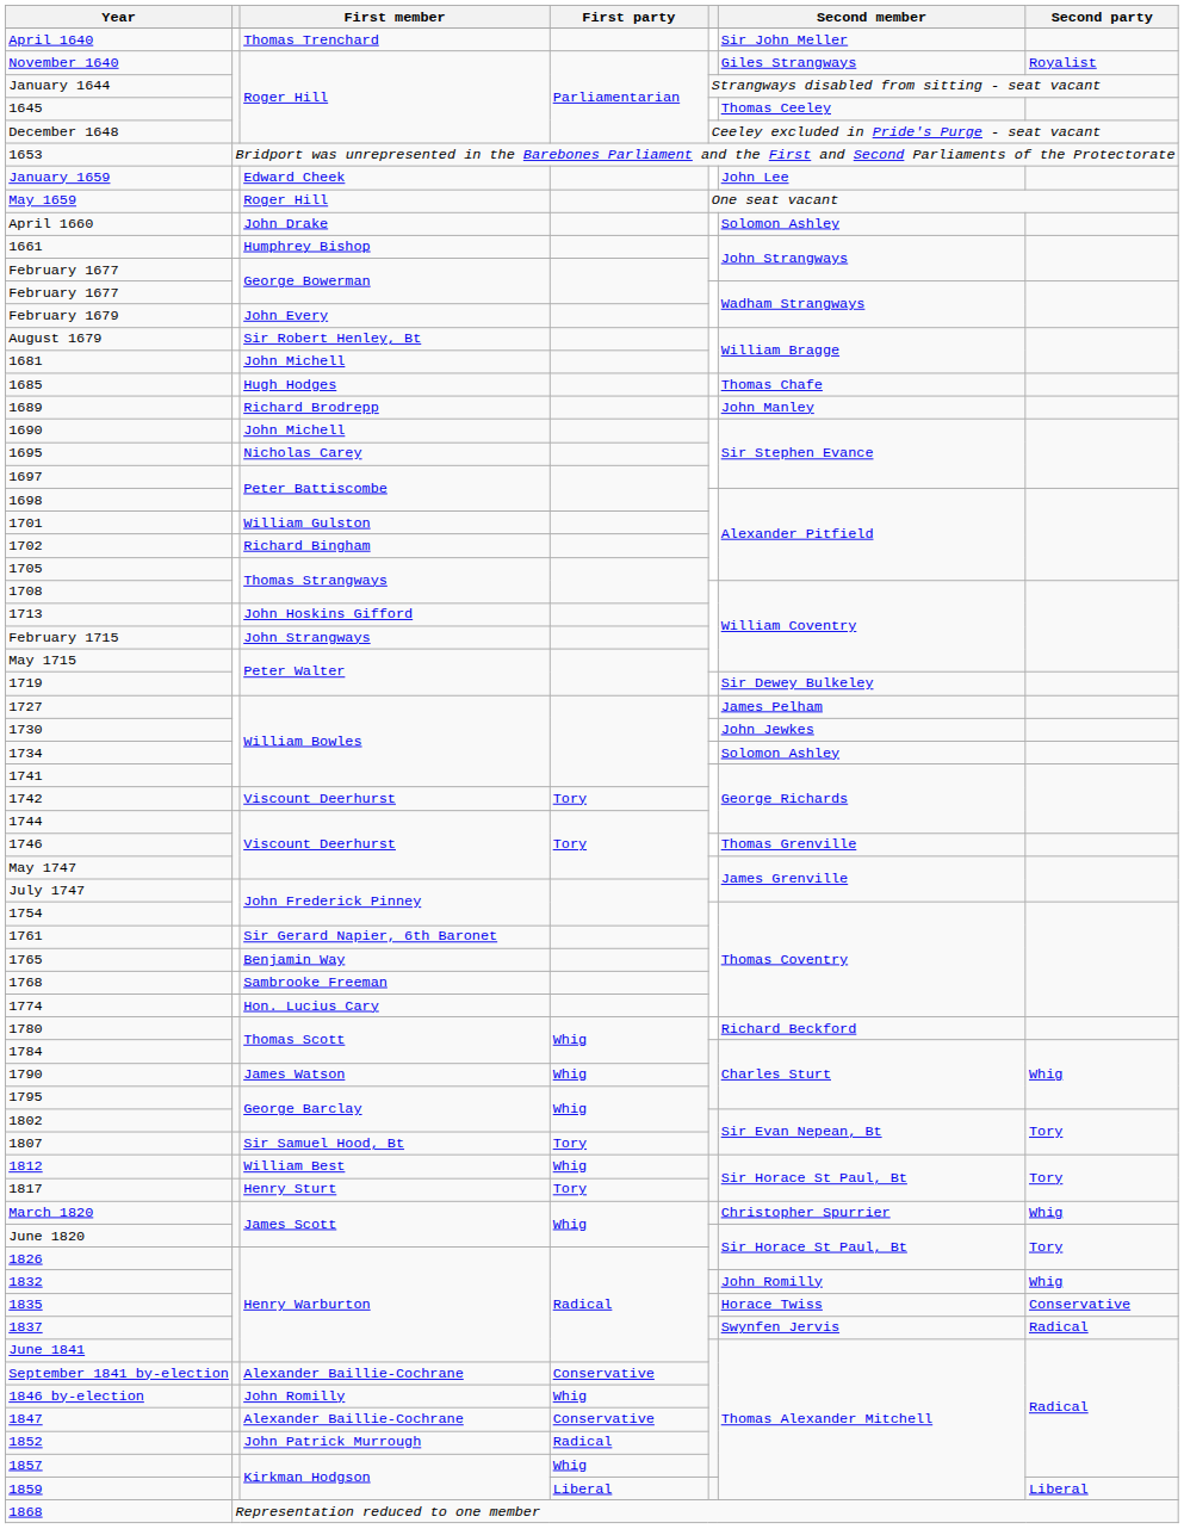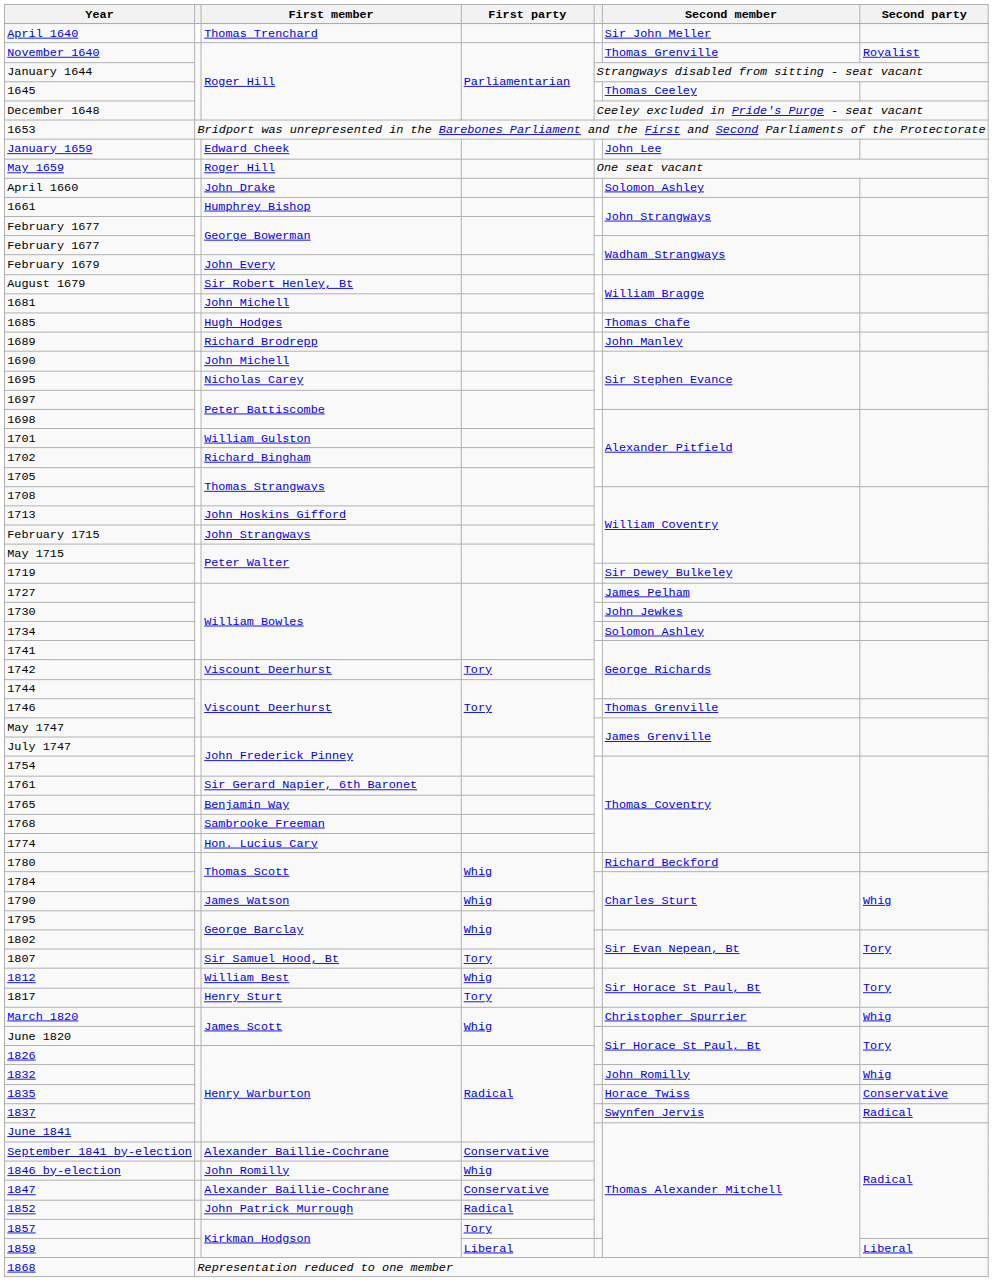 <table class="wikitable">
 <tr>
 <th>Year</th>
 <th></th>
 <th>First member</th>
 <th>First party</th>
 <th></th>
 <th>Second member</th>
 <th>Second party</th>
 </tr>
 <tr>
 </tr>
 <tr>
 <td><a href='#'>April 1640</a></td>
 <td style="color:inherit;background-color: white"></td>
 <td><a href='#'>Thomas Trenchard</a></td>
 <td></td>
 <td style="color:inherit;background-color: white"></td>
 <td><a href='#'>Sir John Meller</a></td>
 <td></td>
 </tr>
 <tr>
 <td><a href='#'>November 1640</a></td>
 <td rowspan="4" style="color:inherit;background-color: "></td>
 <td rowspan="4"><a href='#'>Roger Hill</a></td>
 <td rowspan="4"><a href='#'>Parliamentarian</a></td>
 <td style="color:inherit;background-color: "></td>
-<td><a href='#'>Giles Strangways</a></td>
+<td><a href='#'>Thomas Grenville</a></td>
 <td><a href='#'>Royalist</a></td>
 </tr>
 <tr>
 <td>January 1644</td>
 <td colspan="3"><em>Strangways disabled from sitting - seat vacant</em></td>
 </tr>
 <tr>
 <td>1645</td>
 <td style="color:inherit;background-color: white"></td>
 <td><a href='#'>Thomas Ceeley</a></td>
 <td></td>
 </tr>
 <tr>
 <td>December 1648</td>
 <td colspan="3"><em>Ceeley excluded in <a href='#'>Pride's Purge</a> - seat vacant</em></td>
 </tr>
 <tr>
 <td>1653</td>
 <td colspan="6"><em>Bridport was unrepresented in the <a href='#'>Barebones Parliament</a> and the <a href='#'>First</a> and <a href='#'>Second</a> Parliaments of the Protectorate</em></td>
 </tr>
 <tr>
 <td><a href='#'>January 1659</a></td>
 <td style="color:inherit;background-color: white"></td>
 <td><a href='#'>Edward Cheek</a></td>
 <td></td>
 <td style="color:inherit;background-color: white"></td>
 <td><a href='#'>John Lee</a></td>
 <td></td>
 </tr>
 <tr>
 <td><a href='#'>May 1659</a></td>
 <td style="color:inherit;background-color: white"></td>
 <td><a href='#'>Roger Hill</a></td>
 <td></td>
 <td colspan="3"><em>One seat vacant</em></td>
 </tr>
 <tr>
 <td>April 1660</td>
 <td style="color:inherit;background-color: white"></td>
 <td><a href='#'>John Drake</a></td>
 <td></td>
 <td style="color:inherit;background-color: white"></td>
 <td><a href='#'>Solomon Ashley</a></td>
 <td></td>
 </tr>
 <tr>
 <td>1661</td>
 <td style="color:inherit;background-color: white"></td>
 <td><a href='#'>Humphrey Bishop</a></td>
 <td></td>
 <td rowspan="2" style="color:inherit;background-color: white"></td>
 <td rowspan="2"><a href='#'>John Strangways</a></td>
 <td rowspan="2"></td>
 </tr>
 <tr>
 <td>February 1677</td>
 <td rowspan="2" style="color:inherit;background-color: white"></td>
 <td rowspan="2"><a href='#'>George Bowerman</a></td>
 <td rowspan="2"></td>
 </tr>
 <tr>
 <td>February 1677</td>
 <td rowspan="2" style="color:inherit;background-color: white"></td>
 <td rowspan="2"><a href='#'>Wadham Strangways</a></td>
 <td rowspan="2"></td>
 </tr>
 <tr>
 <td>February 1679</td>
 <td style="color:inherit;background-color: white"></td>
 <td><a href='#'>John Every</a></td>
 <td></td>
 </tr>
 <tr>
 <td>August 1679</td>
 <td style="color:inherit;background-color: white"></td>
 <td><a href='#'>Sir Robert Henley, Bt</a></td>
 <td></td>
 <td rowspan="2" style="color:inherit;background-color: white"></td>
 <td rowspan="2"><a href='#'>William Bragge</a></td>
 <td rowspan="2"></td>
 </tr>
 <tr>
 <td>1681</td>
 <td style="color:inherit;background-color: white"></td>
 <td><a href='#'>John Michell</a></td>
 <td></td>
 </tr>
 <tr>
 <td>1685</td>
 <td style="color:inherit;background-color: white"></td>
 <td><a href='#'>Hugh Hodges</a></td>
 <td></td>
 <td style="color:inherit;background-color: white"></td>
 <td><a href='#'>Thomas Chafe</a></td>
 <td></td>
 </tr>
 <tr>
 <td>1689</td>
 <td style="color:inherit;background-color: white"></td>
 <td><a href='#'>Richard Brodrepp</a></td>
 <td></td>
 <td style="color:inherit;background-color: white"></td>
 <td><a href='#'>John Manley</a></td>
 <td></td>
 </tr>
 <tr>
 <td>1690</td>
 <td style="color:inherit;background-color: white"></td>
 <td><a href='#'>John Michell</a></td>
 <td></td>
 <td rowspan="3" style="color:inherit;background-color: white"></td>
 <td rowspan="3"><a href='#'>Sir Stephen Evance</a></td>
 <td rowspan="3"></td>
 </tr>
 <tr>
 <td>1695</td>
 <td style="color:inherit;background-color: white"></td>
 <td><a href='#'>Nicholas Carey</a></td>
 <td></td>
 </tr>
 <tr>
 <td>1697</td>
 <td rowspan="2" style="color:inherit;background-color: white"></td>
 <td rowspan="2"><a href='#'>Peter Battiscombe</a></td>
 <td rowspan="2"></td>
 </tr>
 <tr>
 <td>1698</td>
 <td rowspan="4" style="color:inherit;background-color: white"></td>
 <td rowspan="4"><a href='#'>Alexander Pitfield</a></td>
 <td rowspan="4"></td>
 </tr>
 <tr>
 <td>1701</td>
 <td style="color:inherit;background-color: white"></td>
 <td><a href='#'>William Gulston</a></td>
 <td></td>
 </tr>
 <tr>
 <td>1702</td>
 <td style="color:inherit;background-color: white"></td>
 <td><a href='#'>Richard Bingham</a></td>
 <td></td>
 </tr>
 <tr>
 <td>1705</td>
 <td rowspan="2" style="color:inherit;background-color: white"></td>
 <td rowspan="2"><a href='#'>Thomas Strangways</a></td>
 <td rowspan="2"></td>
 </tr>
 <tr>
 <td>1708</td>
 <td rowspan="4" style="color:inherit;background-color: white"></td>
 <td rowspan="4"><a href='#'>William Coventry</a></td>
 <td rowspan="4"></td>
 </tr>
 <tr>
 <td>1713</td>
 <td style="color:inherit;background-color: white"></td>
 <td><a href='#'>John Hoskins Gifford</a></td>
 <td></td>
 </tr>
 <tr>
 <td>February 1715</td>
 <td style="color:inherit;background-color: white"></td>
 <td><a href='#'>John Strangways</a></td>
 <td></td>
 </tr>
 <tr>
 <td>May 1715</td>
 <td rowspan="2" style="color:inherit;background-color: white"></td>
 <td rowspan="2"><a href='#'>Peter Walter</a></td>
 <td rowspan="2"></td>
 </tr>
 <tr>
 <td>1719</td>
 <td style="color:inherit;background-color: white"></td>
 <td><a href='#'>Sir Dewey Bulkeley</a></td>
 <td></td>
 </tr>
 <tr>
 <td>1727</td>
 <td rowspan="4" style="color:inherit;background-color: white"></td>
 <td rowspan="4"><a href='#'>William Bowles</a></td>
 <td rowspan="4"></td>
 <td style="color:inherit;background-color: white"></td>
 <td><a href='#'>James Pelham</a></td>
 <td></td>
 </tr>
 <tr>
 <td>1730</td>
 <td style="color:inherit;background-color: white"></td>
 <td><a href='#'>John Jewkes</a></td>
 <td></td>
 </tr>
 <tr>
 <td>1734</td>
 <td style="color:inherit;background-color: white"></td>
 <td><a href='#'>Solomon Ashley</a></td>
 <td></td>
 </tr>
 <tr>
 <td>1741</td>
 <td rowspan="3" style="color:inherit;background-color: white"></td>
 <td rowspan="3"><a href='#'>George Richards</a></td>
 <td rowspan="3"></td>
 </tr>
 <tr>
 <td>1742</td>
 <td style="color:inherit;background-color: "></td>
 <td><a href='#'>Viscount Deerhurst</a></td>
 <td><a href='#'>Tory</a></td>
 </tr>
 <tr>
 <td>1744</td>
 <td rowspan="3" style="color:inherit;background-color: "></td>
 <td rowspan="3"><a href='#'>Viscount Deerhurst</a></td>
 <td rowspan="3"><a href='#'>Tory</a></td>
 </tr>
 <tr>
 <td>1746</td>
 <td style="color:inherit;background-color: white"></td>
 <td><a href='#'>Thomas Grenville</a></td>
 </tr>
 <tr>
 <td>May 1747</td>
 <td rowspan="2" style="color:inherit;background-color: white"></td>
 <td rowspan="2"><a href='#'>James Grenville</a></td>
 <td rowspan="2"></td>
 </tr>
 <tr>
 <td>July 1747</td>
 <td rowspan="2" style="color:inherit;background-color: white"></td>
 <td rowspan="2"><a href='#'>John Frederick Pinney</a></td>
 <td rowspan="2"></td>
 </tr>
 <tr>
 <td>1754</td>
 <td rowspan="5" style="color:inherit;background-color: white"></td>
 <td rowspan="5"><a href='#'>Thomas Coventry</a></td>
 <td rowspan="5"></td>
 </tr>
 <tr>
 <td>1761</td>
 <td style="color:inherit;background-color: white"></td>
 <td><a href='#'>Sir Gerard Napier, 6th Baronet</a></td>
 <td></td>
 </tr>
 <tr>
 <td>1765</td>
 <td style="color:inherit;background-color: white"></td>
 <td><a href='#'>Benjamin Way</a></td>
 <td></td>
 </tr>
 <tr>
 <td>1768</td>
 <td style="color:inherit;background-color: white"></td>
 <td><a href='#'>Sambrooke Freeman</a></td>
 <td></td>
 </tr>
 <tr>
 <td>1774</td>
 <td style="color:inherit;background-color: white"></td>
 <td><a href='#'>Hon. Lucius Cary</a></td>
 <td></td>
 </tr>
 <tr>
 <td>1780</td>
 <td rowspan="2" style="color:inherit;background-color: "></td>
 <td rowspan="2"><a href='#'>Thomas Scott</a></td>
 <td rowspan="2"><a href='#'>Whig</a></td>
 <td style="color:inherit;background-color: white"></td>
 <td><a href='#'>Richard Beckford</a></td>
 <td></td>
 </tr>
 <tr>
 <td>1784</td>
 <td rowspan="3" style="color:inherit;background-color: "></td>
 <td rowspan="3"><a href='#'>Charles Sturt</a></td>
 <td rowspan="3"><a href='#'>Whig</a></td>
 </tr>
 <tr>
 <td>1790</td>
 <td style="color:inherit;background-color: "></td>
 <td><a href='#'>James Watson</a></td>
 <td><a href='#'>Whig</a></td>
 </tr>
 <tr>
 <td>1795</td>
 <td rowspan="2" style="color:inherit;background-color: "></td>
 <td rowspan="2"><a href='#'>George Barclay</a></td>
 <td rowspan="2"><a href='#'>Whig</a></td>
 </tr>
 <tr>
 <td>1802</td>
 <td rowspan="2" style="color:inherit;background-color: "></td>
 <td rowspan="2"><a href='#'>Sir Evan Nepean, Bt</a></td>
 <td rowspan="2"><a href='#'>Tory</a></td>
 </tr>
 <tr>
 <td>1807</td>
 <td style="color:inherit;background-color: "></td>
 <td><a href='#'>Sir Samuel Hood, Bt</a></td>
 <td><a href='#'>Tory</a></td>
 </tr>
 <tr>
 <td><a href='#'>1812</a></td>
 <td style="color:inherit;background-color: "></td>
 <td><a href='#'>William Best</a></td>
 <td><a href='#'>Whig</a></td>
 <td rowspan="2" style="color:inherit;background-color: "></td>
 <td rowspan="2"><a href='#'>Sir Horace St Paul, Bt</a></td>
 <td rowspan="2"><a href='#'>Tory</a></td>
 </tr>
 <tr>
 <td>1817</td>
 <td style="color:inherit;background-color: "></td>
 <td><a href='#'>Henry Sturt</a></td>
 <td><a href='#'>Tory</a></td>
 </tr>
 <tr>
 <td><a href='#'>March 1820</a></td>
 <td rowspan="2" style="color:inherit;background-color: "></td>
 <td rowspan="2"><a href='#'>James Scott</a></td>
 <td rowspan="2"><a href='#'>Whig</a></td>
 <td style="color:inherit;background-color: "></td>
 <td><a href='#'>Christopher Spurrier</a></td>
 <td><a href='#'>Whig</a></td>
 </tr>
 <tr>
 <td>June 1820</td>
 <td rowspan="2" style="color:inherit;background-color: "></td>
 <td rowspan="2"><a href='#'>Sir Horace St Paul, Bt</a></td>
 <td rowspan="2"><a href='#'>Tory</a></td>
 </tr>
 <tr>
 <td><a href='#'>1826</a></td>
 <td rowspan="5" style="color:inherit;background-color: "></td>
 <td rowspan="5"><a href='#'>Henry Warburton</a></td>
 <td rowspan="5"><a href='#'>Radical</a></td>
 </tr>
 <tr>
 <td><a href='#'>1832</a></td>
 <td style="color:inherit;background-color: "></td>
 <td><a href='#'>John Romilly</a></td>
 <td><a href='#'>Whig</a></td>
 </tr>
 <tr>
 <td><a href='#'>1835</a></td>
 <td style="color:inherit;background-color: "></td>
 <td><a href='#'>Horace Twiss</a></td>
 <td><a href='#'>Conservative</a></td>
 </tr>
 <tr>
 <td><a href='#'>1837</a></td>
 <td style="color:inherit;background-color: "></td>
 <td><a href='#'>Swynfen Jervis</a></td>
 <td><a href='#'>Radical</a></td>
 </tr>
 <tr>
 <td><a href='#'>June 1841</a></td>
 <td rowspan="6" style="color:inherit;background-color: "></td>
 <td rowspan="7"><a href='#'>Thomas Alexander Mitchell</a></td>
 <td rowspan="6"><a href='#'>Radical</a></td>
 </tr>
 <tr>
 <td><a href='#'>September 1841 by-election</a></td>
 <td style="color:inherit;background-color: "></td>
 <td><a href='#'>Alexander Baillie-Cochrane</a></td>
 <td><a href='#'>Conservative</a></td>
 </tr>
 <tr>
 <td><a href='#'>1846 by-election</a></td>
 <td style="color:inherit;background-color: "></td>
 <td><a href='#'>John Romilly</a></td>
 <td><a href='#'>Whig</a></td>
 </tr>
 <tr>
 <td><a href='#'>1847</a></td>
 <td style="color:inherit;background-color: "></td>
 <td><a href='#'>Alexander Baillie-Cochrane</a></td>
 <td><a href='#'>Conservative</a></td>
 </tr>
 <tr>
 <td><a href='#'>1852</a></td>
 <td style="color:inherit;background-color: "></td>
 <td><a href='#'>John Patrick Murrough</a></td>
 <td><a href='#'>Radical</a></td>
 </tr>
 <tr>
 <td><a href='#'>1857</a></td>
 <td style="color:inherit;background-color: "></td>
 <td rowspan="2"><a href='#'>Kirkman Hodgson</a></td>
-<td><a href='#'>Whig</a></td>
+<td><a href='#'>Tory</a></td>
 </tr>
 <tr>
 <td><a href='#'>1859</a></td>
 <td style="color:inherit;background-color: "></td>
 <td><a href='#'>Liberal</a></td>
 <td style="color:inherit;background-color: "></td>
 <td><a href='#'>Liberal</a></td>
 </tr>
 <tr>
 <td><a href='#'>1868</a></td>
 <td colspan="6"><em>Representation reduced to one member</em></td>
 </tr>
 </table>
